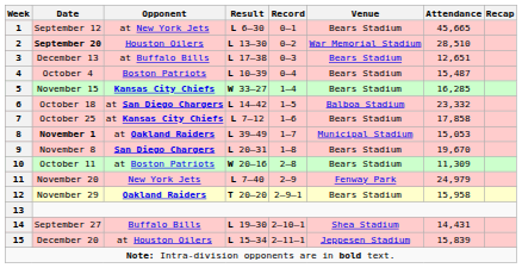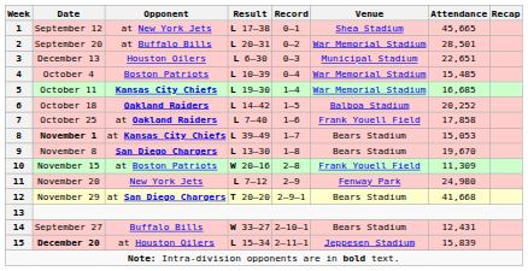 <table class="wikitable" style="text-align:center">
 <tr>
 <th>Week</th>
 <th>Date</th>
 <th>Opponent</th>
 <th>Result</th>
 <th>Record</th>
 <th>Venue</th>
 <th>Attendance</th>
 <th>Recap</th>
 </tr>
 <tr style="background:#fcc">
 <th>1</th>
 <td>September 12</td>
 <td>at <a href='#'>New York Jets</a></td>
-<td><strong>L</strong> 6–30</td>
+<td><strong>L</strong> 17–38</td>
 <td>0–1</td>
-<td>Bears Stadium</td>
+<td><a href='#'>Shea Stadium</a></td>
 <td>45,665</td>
 <td></td>
 </tr>
 <tr style="background:#fcc">
 <th>2</th>
-<td><strong>September 20</strong></td>
-<td><a href='#'>Houston Oilers</a></td>
-<td><strong>L</strong> 13–30</td>
+<td>September 20</td>
+<td>at <a href='#'>Buffalo Bills</a></td>
+<td><strong>L</strong> 20–31</td>
 <td>0–2</td>
 <td><a href='#'>War Memorial Stadium</a></td>
-<td>28,510</td>
+<td>28,501</td>
 <td></td>
 </tr>
 <tr style="background:#fcc">
 <th>3</th>
 <td>December 13</td>
-<td>at <a href='#'>Buffalo Bills</a></td>
-<td><strong>L</strong> 17–38</td>
+<td><a href='#'>Houston Oilers</a></td>
+<td><strong>L</strong> 6–30</td>
 <td>0–3</td>
-<td><a href='#'>Bears Stadium</a></td>
-<td>12,651</td>
+<td><a href='#'>Municipal Stadium</a></td>
+<td>22,651</td>
 <td></td>
 </tr>
 <tr style="background:#fcc">
 <th>4</th>
 <td>October 4</td>
 <td><a href='#'>Boston Patriots</a></td>
 <td><strong>L</strong> 10–39</td>
 <td>0–4</td>
-<td>Bears Stadium</td>
-<td>15,487</td>
+<td><a href='#'>War Memorial Stadium</a></td>
+<td>15,485</td>
 <td></td>
 </tr>
 <tr style="background:#cfc">
 <th>5</th>
-<td>November 15</td>
+<td>October 11</td>
 <td><strong><a href='#'>Kansas City Chiefs</a></strong></td>
-<td><strong>W</strong> 33–27</td>
+<td><strong>L</strong> 19–30</td>
 <td>1–4</td>
-<td>Bears Stadium</td>
-<td>16,285</td>
+<td><a href='#'>War Memorial Stadium</a></td>
+<td>16,685</td>
 <td></td>
 </tr>
 <tr style="background:#fcc">
 <th>6</th>
 <td>October 18</td>
-<td>at <strong><a href='#'>San Diego Chargers</a></strong></td>
+<td><strong><a href='#'>Oakland Raiders</a></strong></td>
 <td><strong>L</strong> 14–42</td>
 <td>1–5</td>
 <td><a href='#'>Balboa Stadium</a></td>
-<td>23,332</td>
+<td>20,252</td>
 <td></td>
 </tr>
 <tr style="background:#fcc">
 <th>7</th>
 <td>October 25</td>
-<td>at <strong><a href='#'>Kansas City Chiefs</a></strong></td>
-<td><strong>L</strong> 7–12</td>
+<td>at <strong><a href='#'>Oakland Raiders</a></strong></td>
+<td><strong>L</strong> 7–40</td>
 <td>1–6</td>
-<td>Bears Stadium</td>
+<td><a href='#'>Frank Youell Field</a></td>
 <td>17,858</td>
 <td></td>
 </tr>
 <tr style="background:#fcc">
 <th>8</th>
 <td><strong>November 1</strong></td>
-<td>at <strong><a href='#'>Oakland Raiders</a></strong></td>
+<td>at <strong><a href='#'>Kansas City Chiefs</a></strong></td>
 <td><strong>L</strong> 39–49</td>
 <td>1–7</td>
-<td><a href='#'>Municipal Stadium</a></td>
+<td>Bears Stadium</td>
 <td>15,053</td>
 <td></td>
 </tr>
 <tr style="background:#fcc">
 <th>9</th>
 <td>November 8</td>
 <td><strong><a href='#'>San Diego Chargers</a></strong></td>
-<td><strong>L</strong> 20–31</td>
+<td><strong>L</strong> 13–30</td>
 <td>1–8</td>
 <td>Bears Stadium</td>
 <td>19,670</td>
 <td></td>
 </tr>
 <tr style="background:#cfc">
 <th>10</th>
-<td>October 11</td>
+<td>November 15</td>
 <td>at <a href='#'>Boston Patriots</a></td>
 <td><strong>W</strong> 20–16</td>
 <td>2–8</td>
-<td>Bears Stadium</td>
+<td><a href='#'>Frank Youell Field</a></td>
 <td>11,309</td>
 <td></td>
 </tr>
 <tr style="background:#fcc">
 <th>11</th>
 <td>November 20</td>
 <td><a href='#'>New York Jets</a></td>
-<td><strong>L</strong> 7–40</td>
+<td><strong>L</strong> 7–12</td>
 <td>2–9</td>
 <td><a href='#'>Fenway Park</a></td>
-<td>24,979</td>
+<td>24,980</td>
 <td></td>
 </tr>
 <tr style="background:#ffc">
 <th>12</th>
 <td>November 29</td>
-<td><strong><a href='#'>Oakland Raiders</a></strong></td>
+<td>at <strong><a href='#'>San Diego Chargers</a></strong></td>
 <td><strong>T</strong> 20–20</td>
 <td>2–9–1</td>
 <td>Bears Stadium</td>
-<td>15,958</td>
+<td>41,668</td>
 <td></td>
 </tr>
 <tr>
 <th>13</th>
 <td colSpan="7"></td>
 </tr>
 <tr style="background:#fcc">
 <th>14</th>
 <td>September 27</td>
 <td><a href='#'>Buffalo Bills</a></td>
-<td><strong>L</strong> 19–30</td>
+<td><strong>W</strong> 33–27</td>
 <td>2–10–1</td>
-<td><a href='#'>Shea Stadium</a></td>
-<td>14,431</td>
+<td>Bears Stadium</td>
+<td>12,431</td>
 <td></td>
 </tr>
 <tr style="background:#fcc">
 <th>15</th>
-<td>December 20</td>
+<td><strong>December 20</strong></td>
 <td>at <a href='#'>Houston Oilers</a></td>
 <td><strong>L</strong> 15–34</td>
 <td>2–11–1</td>
 <td><a href='#'>Jeppesen Stadium</a></td>
 <td>15,839</td>
 <td></td>
 </tr>
 <tr>
 <td colspan="8"><strong>Note:</strong> Intra-division opponents are in <strong>bold</strong> text.</td>
 </tr>
 </table>
